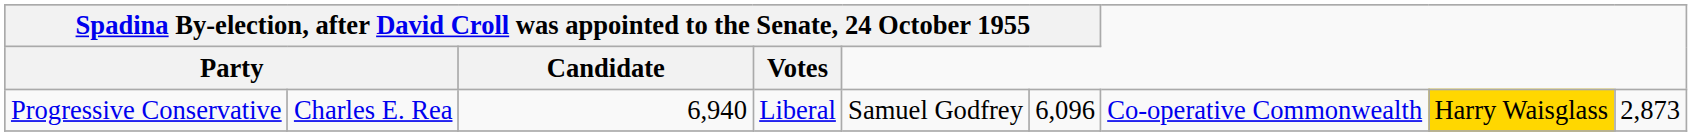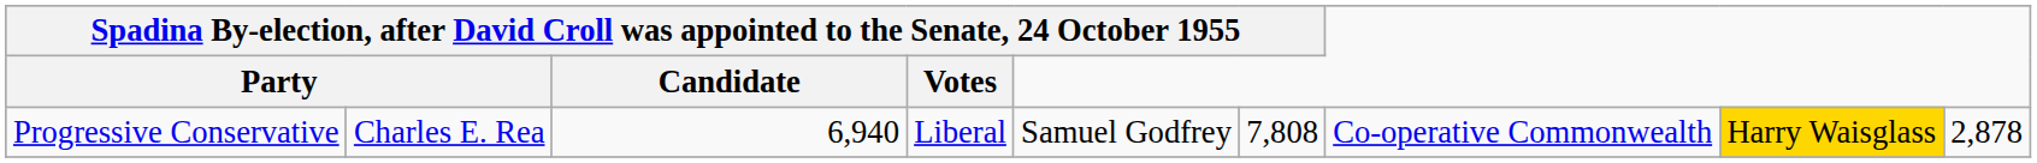 <table class="wikitable">
 <tr style="background:#e9e9e9;">
 <th colspan="6"><a href='#'>Spadina</a> By-election, after <a href='#'>David Croll</a> was appointed to the Senate, 24 October 1955</th>
 </tr>
 <tr style="background:#e9e9e9;">
 <th colspan="2" style="width: 200px">Party</th>
 <th style="width: 170px">Candidate</th>
 <th style="width: 40px">Votes</th>
 </tr>
 <tr>
 <td><a href='#'>Progressive Conservative</a></td>
 <td><a href='#'>Charles E. Rea</a></td>
 <td align="right">6,940<br></td>
 <td><a href='#'>Liberal</a></td>
 <td>Samuel Godfrey</td>
-<td align="right">6,096<br> </td>
+<td align="right">7,808<br> </td>
 <td><a href='#'>Co-operative Commonwealth</a></td>
 <td style="background: gold;">Harry Waisglass</td>
-<td align="right">2,873</td>
+<td align="right">2,878</td>
 </tr>
 </table>
